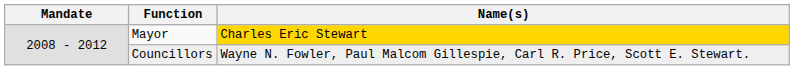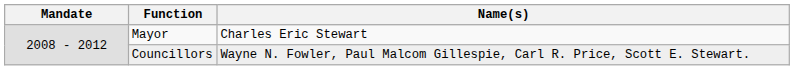 <table class="wikitable centre">
 <tr style="font-size: 80%; text-align: left; background-color:silver">
 <th style="color: Black; text-align: center" width="100px">Mandate</th>
 <th style="color: Black" width="70px">Function</th>
 <th style="color: Black" width="480px">Name(s)</th>
 </tr>
 <tr style="font-size: 80%; text-align: left;">
 <td rowspan="2" style="text-align: center; background-color:#E0E0E0; color:Black;">2008 - 2012</td>
 <td>Mayor</td>
-<td style="background: gold;">Charles Eric Stewart</td>
+<td>Charles Eric Stewart</td>
 </tr>
 <tr style="font-size: 80%; text-align: left; background-color:#EFEFEF">
 <td>Councillors</td>
 <td>Wayne N. Fowler, Paul Malcom Gillespie, Carl R. Price, Scott E. Stewart.</td>
 </tr>
 </table>
